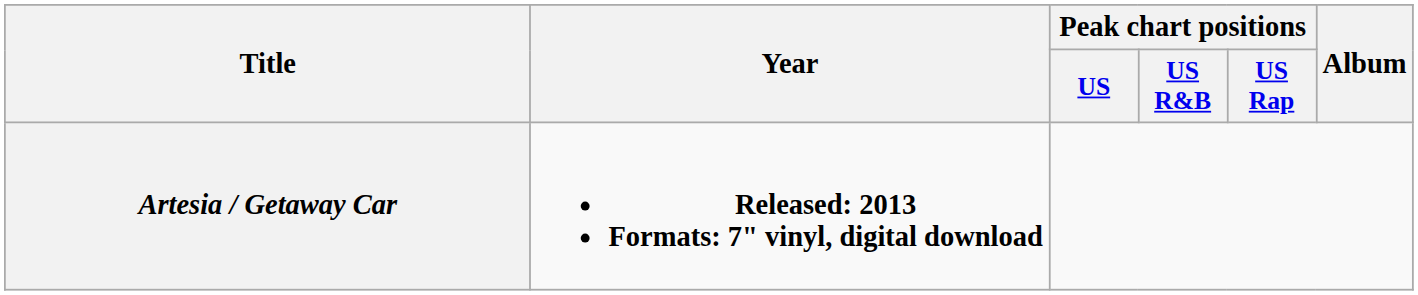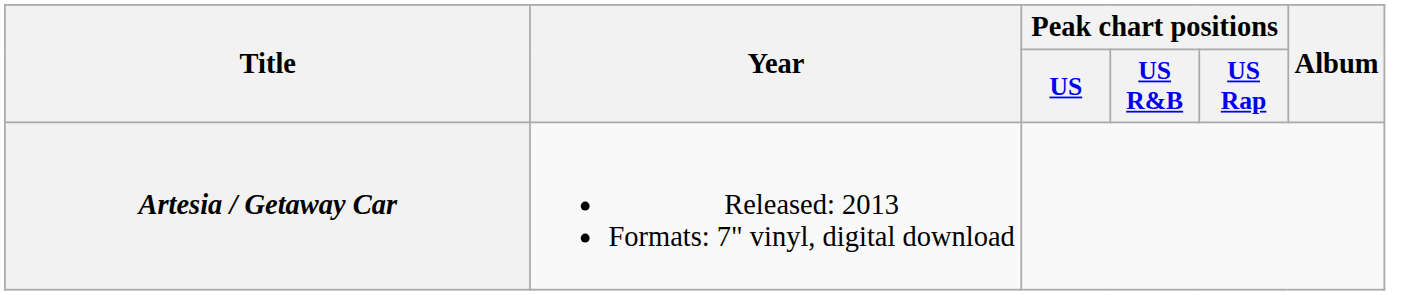 <table class="wikitable plainrowheaders" style="text-align:center;">
 <tr>
 <th scope="col" rowspan="2" style="width:18em;">Title</th>
 <th scope="col" rowspan="2">Year</th>
 <th scope="col" colspan="3">Peak chart positions</th>
 <th scope="col" rowspan="2">Album</th>
 </tr>
 <tr>
 <th scope="col" style="width:3em;font-size:90%;"><a href='#'>US</a><br></th>
 <th scope="col" style="width:3em;font-size:90%;"><a href='#'>US R&B</a><br></th>
 <th scope="col" style="width:3em;font-size:90%;"><a href='#'>US Rap</a><br></th>
 </tr>
 <tr>
 <th scope="row"><em>Artesia / Getaway Car</em></th>
-<td><strong><br><ul><li>Released: 2013</li><li>Formats: 7" vinyl, digital download</li></ul></strong></td>
+<td><br><ul><li>Released: 2013</li><li>Formats: 7" vinyl, digital download</li></ul></td>
 </tr>
 </table>
